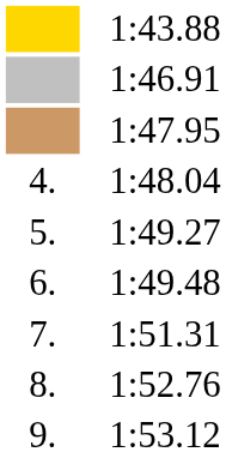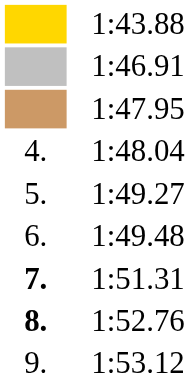 <table style="text-align:center">
 <tr>
 <td width=30 bgcolor=gold></td>
 <td align=left></td>
 <td width=60>1:43.88</td>
 </tr>
 <tr>
 <td bgcolor=silver></td>
 <td align=left></td>
 <td>1:46.91</td>
 </tr>
 <tr>
 <td bgcolor=cc9966></td>
 <td align=left></td>
 <td>1:47.95</td>
 </tr>
 <tr>
 <td>4.</td>
 <td align=left></td>
 <td>1:48.04</td>
 </tr>
 <tr>
 <td>5.</td>
 <td align=left></td>
 <td>1:49.27</td>
 </tr>
 <tr>
 <td>6.</td>
 <td align=left></td>
 <td>1:49.48</td>
 </tr>
 <tr>
-<td>7.</td>
+<td><strong>7.</strong></td>
 <td align=left></td>
 <td>1:51.31</td>
 </tr>
 <tr>
-<td>8.</td>
+<td><strong>8.</strong></td>
 <td align=left></td>
 <td>1:52.76</td>
 </tr>
 <tr>
 <td>9.</td>
 <td align=left></td>
 <td>1:53.12</td>
 </tr>
 </table>
